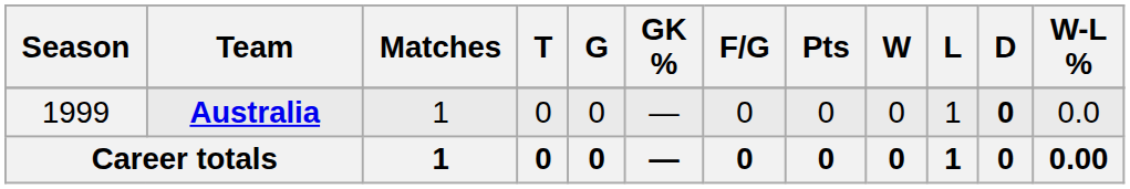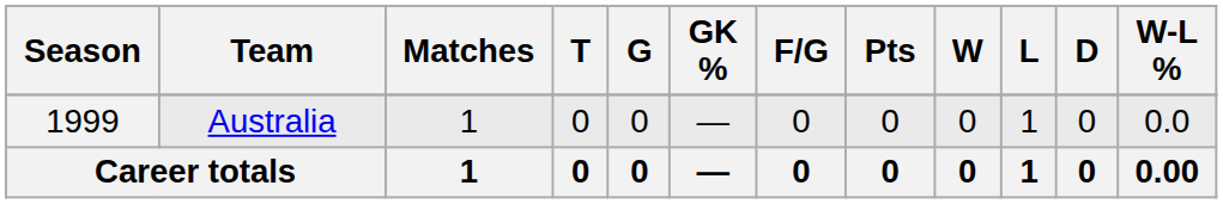 <table class="wikitable sortable"  style="font-size:90%; text-align:center; width:85%;">
 <tr>
 <th width=2%>Season</th>
 <th width=8%>Team</th>
 <th width=2%>Matches</th>
 <th width=2%>T</th>
 <th width=2%>G</th>
 <th width=2%>GK %</th>
 <th width=2%>F/G</th>
 <th width=2%>Pts</th>
 <th width=2%>W</th>
 <th width=2%>L</th>
 <th width=2%>D</th>
 <th width=2%>W-L %</th>
 </tr>
 <tr>
 </tr>
 <tr style="background-color: #EAEAEA">
 <th scope="row" style="text-align:center; font-weight:normal">1999</th>
-<td style="text-align:center;"><strong><a href='#'>Australia</a></strong></td>
+<td style="text-align:center;"><a href='#'>Australia</a></td>
 <td>1</td>
 <td>0</td>
 <td>0</td>
 <td>—</td>
 <td>0</td>
 <td>0</td>
 <td>0</td>
 <td>1</td>
-<td><strong>0</strong></td>
+<td>0</td>
 <td>0.0</td>
 </tr>
 <tr class="sortbottom">
 <th colspan=2>Career totals</th>
 <th>1</th>
 <th>0</th>
 <th>0</th>
 <th>—</th>
 <th>0</th>
 <th>0</th>
 <th>0</th>
 <th>1</th>
 <th>0</th>
 <th>0.00</th>
 </tr>
 </table>
